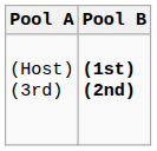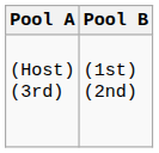 <table class="wikitable">
 <tr>
 <th width=50%>Pool A</th>
 <th width=50%>Pool B</th>
 </tr>
 <tr>
 <td><br> (Host)<br>  (3rd)<br> <br> <br> </td>
-<td valign=top><strong><br> (1st)<br>  (2nd)<br> <br> </strong></td>
+<td valign=top><br> (1st)<br>  (2nd)<br> <br> </td>
 </tr>
 </table>
